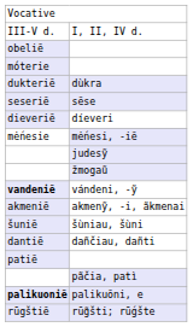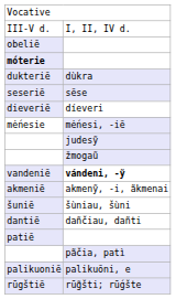 <table class=wikitable style="background: #FFFFFF; line-height: 1.3em;">
 <tr>
 <td colspan=3>Vocative</td>
 </tr>
 <tr>
 <td>III-V d.</td>
 <td>I, II, IV d.</td>
 </tr>
 <tr>
 <td style="background: #E6E6FA">obeliẽ</td>
 <td></td>
 </tr>
 <tr>
-<td style="background: #E6E6FA">móterie</td>
+<td style="background: #E6E6FA"><strong>móterie</strong></td>
 <td></td>
 </tr>
 <tr style="background: #E6E6FA">
 <td>dukteriẽ</td>
 <td>dùkra</td>
 </tr>
 <tr style="background: #E6E6FA">
 <td>seseriẽ</td>
 <td>sẽse</td>
 </tr>
 <tr>
 <td style="background: #E6E6FA">dieveriẽ</td>
 <td>díeveri</td>
 </tr>
 <tr>
 <td>mė́nesie</td>
 <td style="background: #E6E6FA">mė́nesi, -iẽ</td>
 </tr>
 <tr>
 <td></td>
 <td style="background: #E6E6FA">judesỹ</td>
 </tr>
 <tr>
 <td></td>
 <td style="background: #E6E6FA">žmogaũ</td>
 </tr>
 <tr>
-<td style="background: #E6E6FA"><strong>vandeniẽ</strong></td>
-<td>vándeni, -ỹ</td>
+<td style="background: #E6E6FA">vandeniẽ</td>
+<td><strong>vándeni, -ỹ</strong></td>
 </tr>
 <tr>
 <td style="background: #E6E6FA">akmeniẽ</td>
 <td>akmenỹ, -i, ãkmenai</td>
 </tr>
 <tr>
 <td style="background: #E6E6FA">šuniẽ</td>
 <td>šùniau, šùni</td>
 </tr>
 <tr>
 <td style="background: #E6E6FA">dantiẽ</td>
 <td>dañčiau, dañti</td>
 </tr>
 <tr>
 <td style="background: #E6E6FA">patiẽ</td>
 <td></td>
 </tr>
 <tr>
 <td></td>
 <td style="background: #E6E6FA">pãčia, patì</td>
 </tr>
 <tr style="background: #E6E6FA">
-<td><strong>palikuoniẽ</strong></td>
+<td>palikuoniẽ</td>
 <td>palikuõni, e</td>
 </tr>
 <tr style="background: #E6E6FA">
 <td>rūgštiẽ</td>
 <td>rū̃gšti; rū́gšte</td>
 </tr>
 </table>
